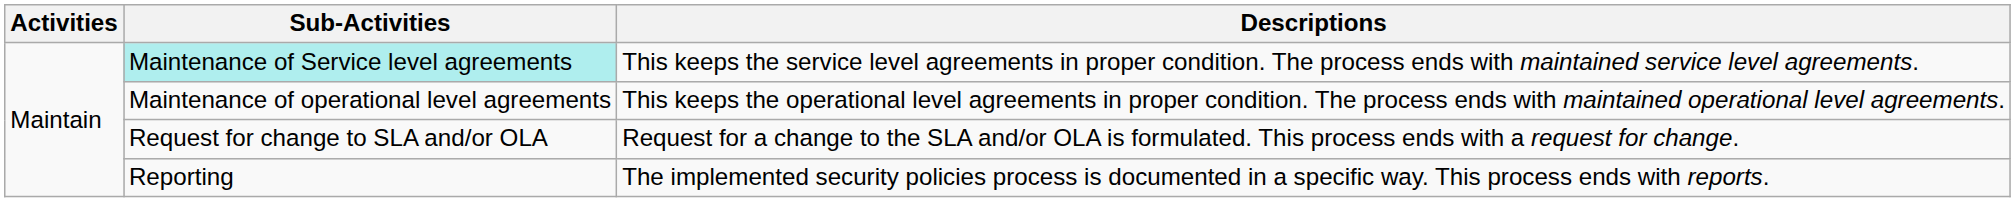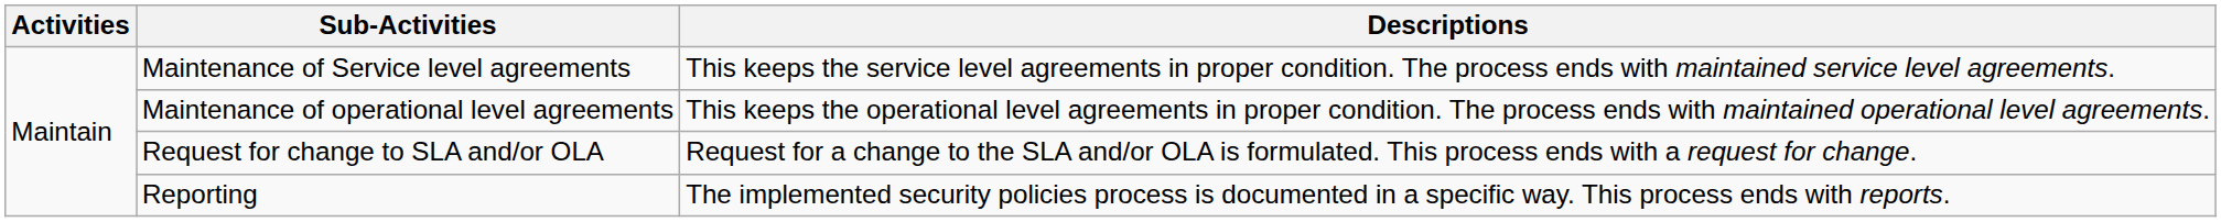 <table class="wikitable">
 <tr>
 <th>Activities</th>
 <th>Sub-Activities</th>
 <th>Descriptions</th>
 </tr>
 <tr>
 <td rowspan="4">Maintain</td>
-<td style="background: paleturquoise;">Maintenance of Service level agreements</td>
+<td>Maintenance of Service level agreements</td>
 <td>This keeps the service level agreements in proper condition. The process ends with <em>maintained service level agreements</em>.</td>
 </tr>
 <tr>
 <td>Maintenance of operational level agreements</td>
 <td>This keeps the operational level agreements in proper condition. The process ends with <em>maintained operational level agreements</em>.</td>
 </tr>
 <tr>
 <td>Request for change to SLA and/or OLA</td>
 <td>Request for a change to the SLA and/or OLA is formulated. This process ends with a <em>request for change</em>.</td>
 </tr>
 <tr>
 <td>Reporting</td>
 <td>The implemented security policies process is documented in a specific way. This process ends with <em>reports</em>.</td>
 </tr>
 </table>
